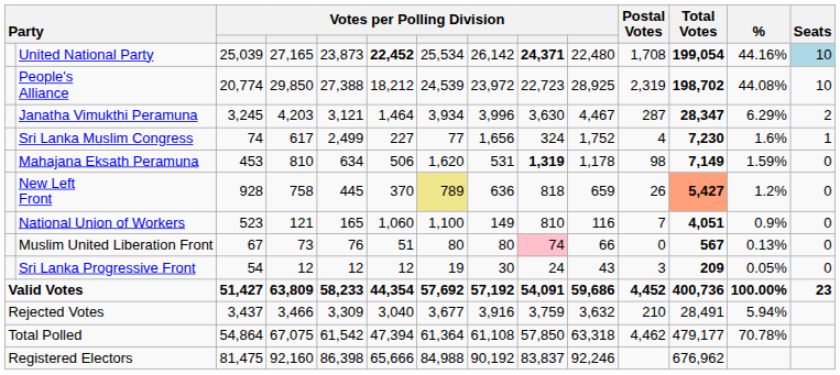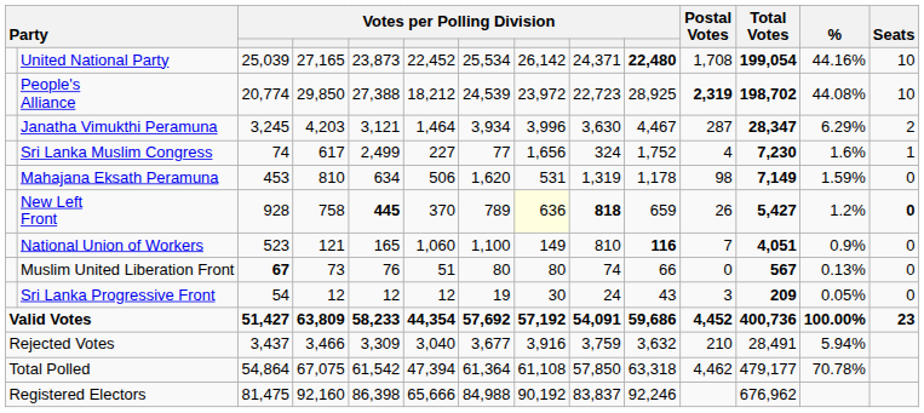 <table class="wikitable" border="1" style="text-align:right;">
 <tr>
 <th style="text-align:left; vertical-align:bottom;" rowspan="2" colspan="2">Party</th>
 <th colspan=8>Votes per Polling Division</th>
 <th rowspan="2" style="vertical-align:bottom; text-align:center; width:50px;">Postal<br>Votes</th>
 <th rowspan="2" style="vertical-align:bottom; text-align:center; width:50px;">Total Votes</th>
 <th rowspan="2" style="vertical-align:bottom; text-align:center; width:50px;">%</th>
 <th rowspan="2" style="vertical-align:bottom; text-align:center; width:40px;">Seats</th>
 </tr>
 <tr>
 <th></th>
 <th></th>
 <th></th>
 <th></th>
 <th></th>
 <th></th>
 <th></th>
 <th></th>
 </tr>
 <tr>
 <td bgcolor=> </td>
 <td align=left><a href='#'>United National Party</a></td>
 <td>25,039</td>
 <td>27,165</td>
 <td>23,873</td>
-<td><strong>22,452</strong></td>
+<td>22,452</td>
 <td>25,534</td>
 <td>26,142</td>
-<td><strong>24,371</strong></td>
-<td>22,480</td>
+<td>24,371</td>
+<td><strong>22,480</strong></td>
 <td>1,708</td>
 <td><strong>199,054</strong></td>
 <td>44.16%</td>
-<td style="background: lightblue;">10</td>
+<td>10</td>
 </tr>
 <tr>
 <td bgcolor=> </td>
 <td align=left><a href='#'>People's<br>Alliance</a> </td>
 <td>20,774</td>
 <td>29,850</td>
 <td>27,388</td>
 <td>18,212</td>
 <td>24,539</td>
 <td>23,972</td>
 <td>22,723</td>
 <td>28,925</td>
-<td>2,319</td>
+<td><strong>2,319</strong></td>
 <td><strong>198,702</strong></td>
 <td>44.08%</td>
 <td>10</td>
 </tr>
 <tr>
 <td bgcolor=> </td>
 <td align=left><a href='#'>Janatha Vimukthi Peramuna</a></td>
 <td>3,245</td>
 <td>4,203</td>
 <td>3,121</td>
 <td>1,464</td>
 <td>3,934</td>
 <td>3,996</td>
 <td>3,630</td>
 <td>4,467</td>
 <td>287</td>
 <td><strong>28,347</strong></td>
 <td>6.29%</td>
 <td>2</td>
 </tr>
 <tr>
 <td bgcolor=> </td>
 <td align=left><a href='#'>Sri Lanka Muslim Congress</a></td>
 <td>74</td>
 <td>617</td>
 <td>2,499</td>
 <td>227</td>
 <td>77</td>
 <td>1,656</td>
 <td>324</td>
 <td>1,752</td>
 <td>4</td>
 <td><strong>7,230</strong></td>
 <td>1.6%</td>
 <td>1</td>
 </tr>
 <tr>
 <td bgcolor=> </td>
 <td align=left><a href='#'>Mahajana Eksath Peramuna</a></td>
 <td>453</td>
 <td>810</td>
 <td>634</td>
 <td>506</td>
 <td>1,620</td>
 <td>531</td>
-<td><strong>1,319</strong></td>
+<td>1,319</td>
 <td>1,178</td>
 <td>98</td>
 <td><strong>7,149</strong></td>
 <td>1.59%</td>
 <td>0</td>
 </tr>
 <tr>
 <td bgcolor=> </td>
 <td align=left><a href='#'>New Left<br>Front</a> </td>
 <td>928</td>
 <td>758</td>
-<td>445</td>
+<td><strong>445</strong></td>
 <td>370</td>
-<td style="background: khaki;">789</td>
-<td>636</td>
-<td>818</td>
+<td>789</td>
+<td style="background: lightyellow;">636</td>
+<td><strong>818</strong></td>
 <td>659</td>
 <td>26</td>
-<td style="background: lightsalmon;"><strong>5,427</strong></td>
+<td><strong>5,427</strong></td>
 <td>1.2%</td>
-<td>0</td>
+<td><strong>0</strong></td>
 </tr>
 <tr>
 <td bgcolor=> </td>
 <td align=left><a href='#'>National Union of Workers</a> </td>
 <td>523</td>
 <td>121</td>
 <td>165</td>
 <td>1,060</td>
 <td>1,100</td>
 <td>149</td>
 <td>810</td>
-<td>116</td>
+<td><strong>116</strong></td>
 <td>7</td>
 <td><strong>4,051</strong></td>
 <td>0.9%</td>
 <td>0</td>
 </tr>
 <tr>
 <td bgcolor=> </td>
 <td align=left>Muslim United Liberation Front</td>
-<td>67</td>
+<td><strong>67</strong></td>
 <td>73</td>
 <td>76</td>
 <td>51</td>
 <td>80</td>
 <td>80</td>
-<td style="background: pink;">74</td>
+<td>74</td>
 <td>66</td>
 <td>0</td>
 <td><strong>567</strong></td>
 <td>0.13%</td>
 <td>0</td>
 </tr>
 <tr>
 <td bgcolor=> </td>
 <td align=left><a href='#'>Sri Lanka Progressive Front</a></td>
 <td>54</td>
 <td>12</td>
 <td>12</td>
 <td>12</td>
 <td>19</td>
 <td>30</td>
 <td>24</td>
 <td>43</td>
 <td>3</td>
 <td><strong>209</strong></td>
 <td>0.05%</td>
 <td>0</td>
 </tr>
 <tr>
 <td align=left colspan="2"><strong>Valid Votes</strong></td>
 <td><strong>51,427</strong></td>
 <td><strong>63,809</strong></td>
 <td><strong>58,233</strong></td>
 <td><strong>44,354</strong></td>
 <td><strong>57,692</strong></td>
 <td><strong>57,192</strong></td>
 <td><strong>54,091</strong></td>
 <td><strong>59,686</strong></td>
 <td><strong>4,452</strong></td>
 <td><strong>400,736</strong></td>
 <td><strong>100.00%</strong></td>
 <td><strong>23</strong></td>
 </tr>
 <tr>
 <td align=left colspan="2">Rejected Votes</td>
 <td>3,437</td>
 <td>3,466</td>
 <td>3,309</td>
 <td>3,040</td>
 <td>3,677</td>
 <td>3,916</td>
 <td>3,759</td>
 <td>3,632</td>
 <td>210</td>
 <td>28,491</td>
 <td>5.94%</td>
 <td></td>
 </tr>
 <tr>
 <td align=left colspan="2">Total Polled</td>
 <td>54,864</td>
 <td>67,075</td>
 <td>61,542</td>
 <td>47,394</td>
 <td>61,364</td>
 <td>61,108</td>
 <td>57,850</td>
 <td>63,318</td>
 <td>4,462</td>
 <td>479,177</td>
 <td>70.78%</td>
 <td></td>
 </tr>
 <tr>
 <td align=left colspan="2">Registered Electors</td>
 <td>81,475</td>
 <td>92,160</td>
 <td>86,398</td>
 <td>65,666</td>
 <td>84,988</td>
 <td>90,192</td>
 <td>83,837</td>
 <td>92,246</td>
 <td></td>
 <td>676,962</td>
 <td></td>
 <td></td>
 </tr>
 </table>
